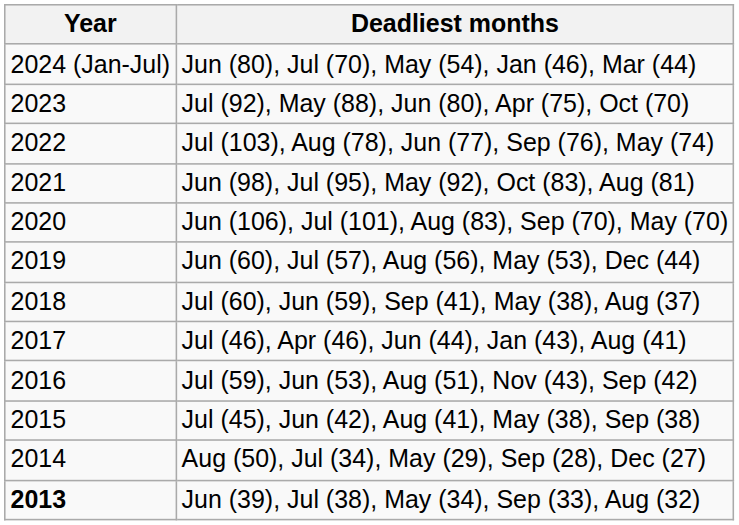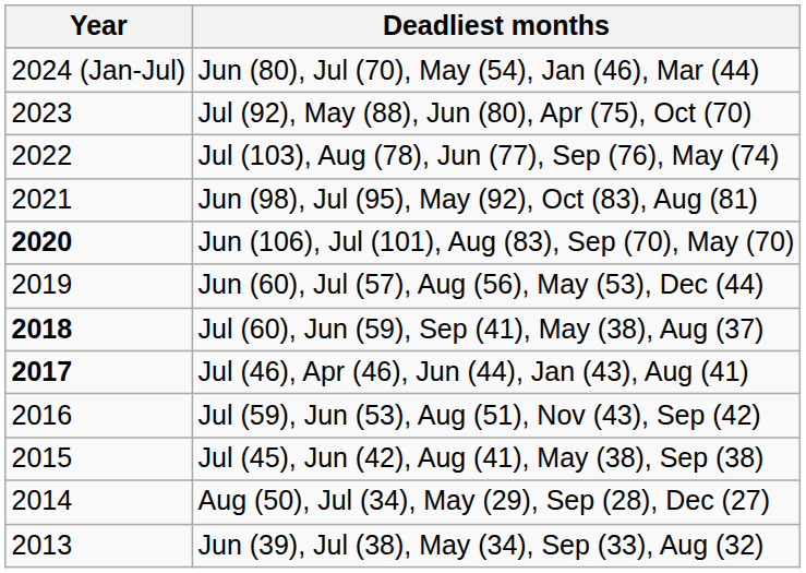 <table class="wikitable">
 <tr>
 <th>Year</th>
 <th>Deadliest months</th>
 </tr>
 <tr>
 <td>2024 (Jan-Jul)</td>
 <td>Jun	(80), Jul	(70), May	(54), Jan	(46), Mar	(44)</td>
 </tr>
 <tr>
 <td>2023</td>
 <td>Jul	(92), May	(88), Jun	(80), Apr	(75), Oct	(70)</td>
 </tr>
 <tr>
 <td>2022</td>
 <td>Jul	(103), Aug	(78), Jun	(77), Sep	(76), May	(74)</td>
 </tr>
 <tr>
 <td>2021</td>
 <td>Jun	(98), Jul	(95), May	(92), Oct	(83), Aug	(81)</td>
 </tr>
 <tr>
-<td>2020</td>
+<td><strong>2020</strong></td>
 <td>Jun	(106), Jul	(101), Aug	(83), Sep	(70), May	(70)</td>
 </tr>
 <tr>
 <td>2019</td>
 <td>Jun	(60), Jul	(57), Aug	(56), May	(53), Dec	(44)</td>
 </tr>
 <tr>
-<td>2018</td>
+<td><strong>2018</strong></td>
 <td>Jul	(60), Jun	(59), Sep	(41), May	(38), Aug	(37)</td>
 </tr>
 <tr>
-<td>2017</td>
+<td><strong>2017</strong></td>
 <td>Jul	(46), Apr	(46), Jun	(44), Jan	(43), Aug	(41)</td>
 </tr>
 <tr>
 <td>2016</td>
 <td>Jul	(59), Jun	(53), Aug	(51), Nov	(43), Sep	(42)</td>
 </tr>
 <tr>
 <td>2015</td>
 <td>Jul	(45), Jun	(42), Aug	(41), May	(38), Sep	(38)</td>
 </tr>
 <tr>
 <td>2014</td>
 <td>Aug	(50), Jul	(34), May	(29), Sep	(28), Dec	(27)</td>
 </tr>
 <tr>
-<td><strong>2013</strong></td>
+<td>2013</td>
 <td>Jun	(39), Jul	(38), May	(34), Sep	(33), Aug	(32)</td>
 </tr>
 </table>
